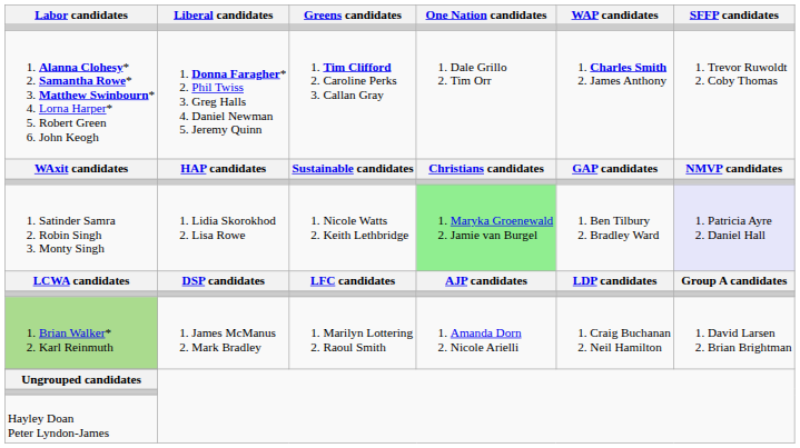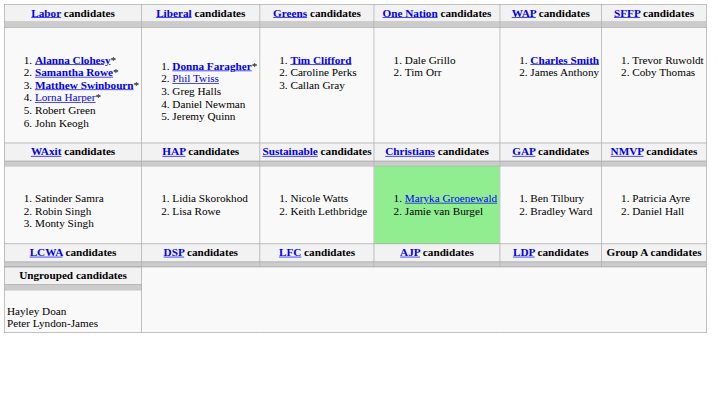 <table class="wikitable">
 <tr>
 <th><a href='#'>Labor</a> candidates</th>
 <th><a href='#'>Liberal</a> candidates</th>
 <th><a href='#'>Greens</a> candidates</th>
 <th><a href='#'>One Nation</a> candidates</th>
 <th><a href='#'>WAP</a> candidates</th>
 <th><a href='#'>SFFP</a> candidates</th>
 </tr>
 <tr bgcolor="#cccccc">
 <td></td>
 <td></td>
 <td></td>
 <td></td>
 <td></td>
 <td></td>
 </tr>
 <tr>
 <td><br><ol><li><strong><a href='#'>Alanna Clohesy</a></strong>*</li><li><strong><a href='#'>Samantha Rowe</a></strong>*</li><li><strong><a href='#'>Matthew Swinbourn</a></strong>*</li><li><a href='#'>Lorna Harper</a>*</li><li>Robert Green</li><li>John Keogh</li></ol></td>
 <td><br><ol><li><strong><a href='#'>Donna Faragher</a></strong>*</li><li><a href='#'>Phil Twiss</a></li><li>Greg Halls</li><li>Daniel Newman</li><li>Jeremy Quinn</li></ol></td>
 <td valign=top><br><ol><li><strong><a href='#'>Tim Clifford</a></strong></li><li>Caroline Perks</li><li>Callan Gray</li></ol></td>
 <td valign=top><br><ol><li>Dale Grillo</li><li>Tim Orr</li></ol></td>
 <td valign=top><br><ol><li><strong><a href='#'>Charles Smith</a></strong></li><li>James Anthony</li></ol></td>
 <td valign=top><br><ol><li>Trevor Ruwoldt</li><li>Coby Thomas</li></ol></td>
 </tr>
 <tr bgcolor="#cccccc">
 <th><a href='#'>WAxit</a> candidates</th>
 <th><a href='#'>HAP</a> candidates</th>
 <th><a href='#'>Sustainable</a> candidates</th>
 <th><a href='#'>Christians</a> candidates</th>
 <th><a href='#'>GAP</a> candidates</th>
 <th><a href='#'>NMVP</a> candidates</th>
 </tr>
 <tr bgcolor="#cccccc">
 <td></td>
 <td></td>
 <td></td>
 <td></td>
 <td></td>
 <td></td>
 </tr>
 <tr>
 <td valign=top><br><ol><li>Satinder Samra</li><li>Robin Singh</li><li>Monty Singh</li></ol></td>
 <td valign=top><br><ol><li>Lidia Skorokhod</li><li>Lisa Rowe</li></ol></td>
 <td valign=top><br><ol><li>Nicole Watts</li><li>Keith Lethbridge</li></ol></td>
 <td valign=top style="background: lightgreen;"><br><ol><li><a href='#'>Maryka Groenewald</a></li><li>Jamie van Burgel</li></ol></td>
 <td valign=top><br><ol><li>Ben Tilbury</li><li>Bradley Ward</li></ol></td>
-<td valign=top style="background: lavender;"><br><ol><li>Patricia Ayre</li><li>Daniel Hall</li></ol></td>
+<td valign=top><br><ol><li>Patricia Ayre</li><li>Daniel Hall</li></ol></td>
 </tr>
 <tr bgcolor="#cccccc">
 <th><a href='#'>LCWA</a> candidates</th>
 <th><a href='#'>DSP</a> candidates</th>
 <th><a href='#'>LFC</a> candidates</th>
 <th><a href='#'>AJP</a> candidates</th>
 <th><a href='#'>LDP</a> candidates</th>
 <th>Group A candidates</th>
 </tr>
 <tr bgcolor="#cccccc">
 <td></td>
 <td></td>
 <td></td>
 <td></td>
 <td></td>
 <td></td>
 </tr>
 <tr>
-<td style="background:#AADB8E" valign=top><br><ol><li><a href='#'>Brian Walker</a>*</li><li>Karl Reinmuth</li></ol></td>
-<td valign=top><br><ol><li>James McManus</li><li>Mark Bradley</li></ol></td>
-<td valign=top><br><ol><li>Marilyn Lottering</li><li>Raoul Smith</li></ol></td>
-<td valign=top><br><ol><li><a href='#'>Amanda Dorn</a></li><li>Nicole Arielli</li></ol></td>
-<td valign=top><br><ol><li>Craig Buchanan</li><li>Neil Hamilton</li></ol></td>
-<td valign=top><br><ol><li>David Larsen</li><li>Brian Brightman</li></ol></td>
-</tr>
-<tr>
 </tr>
 <tr bgcolor="#cccccc">
 <th>Ungrouped candidates</th>
 </tr>
 <tr bgcolor="#cccccc">
 <td></td>
 </tr>
 <tr>
 <td valign=top><br>Hayley Doan <br> Peter Lyndon-James</td>
 </tr>
 </table>
